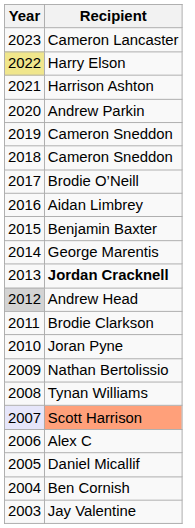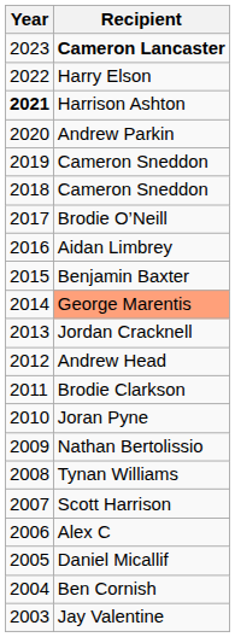 <table class="wikitable">
 <tr>
 <th>Year</th>
 <th>Recipient</th>
 </tr>
 <tr>
 <td>2023</td>
-<td>Cameron Lancaster</td>
+<td><strong>Cameron Lancaster</strong></td>
 </tr>
 <tr>
-<td style="background: khaki;">2022</td>
+<td>2022</td>
 <td>Harry Elson</td>
 </tr>
 <tr>
-<td>2021</td>
+<td><strong>2021</strong></td>
 <td>Harrison Ashton</td>
 </tr>
 <tr>
 <td>2020</td>
 <td>Andrew Parkin</td>
 </tr>
 <tr>
 <td>2019</td>
 <td>Cameron Sneddon</td>
 </tr>
 <tr>
 <td>2018</td>
 <td>Cameron Sneddon</td>
 </tr>
 <tr>
 <td>2017</td>
 <td>Brodie O’Neill</td>
 </tr>
 <tr>
 <td>2016</td>
 <td>Aidan Limbrey</td>
 </tr>
 <tr>
 <td>2015</td>
 <td>Benjamin Baxter</td>
 </tr>
 <tr>
 <td>2014</td>
-<td>George Marentis</td>
+<td style="background: lightsalmon;">George Marentis</td>
 </tr>
 <tr>
 <td>2013</td>
-<td><strong>Jordan Cracknell</strong></td>
+<td>Jordan Cracknell</td>
 </tr>
 <tr>
-<td style="background: lightgrey;">2012</td>
+<td>2012</td>
 <td>Andrew Head</td>
 </tr>
 <tr>
 <td>2011</td>
 <td>Brodie Clarkson</td>
 </tr>
 <tr>
 <td>2010</td>
 <td>Joran Pyne</td>
 </tr>
 <tr>
 <td>2009</td>
 <td>Nathan Bertolissio</td>
 </tr>
 <tr>
 <td>2008</td>
 <td>Tynan Williams</td>
 </tr>
 <tr>
-<td style="background: lavender;">2007</td>
-<td style="background: lightsalmon;">Scott Harrison</td>
+<td>2007</td>
+<td>Scott Harrison</td>
 </tr>
 <tr>
 <td>2006</td>
 <td>Alex C</td>
 </tr>
 <tr>
 <td>2005</td>
 <td>Daniel Micallif</td>
 </tr>
 <tr>
 <td>2004</td>
 <td>Ben Cornish</td>
 </tr>
 <tr>
 <td>2003</td>
 <td>Jay Valentine</td>
 </tr>
 </table>
